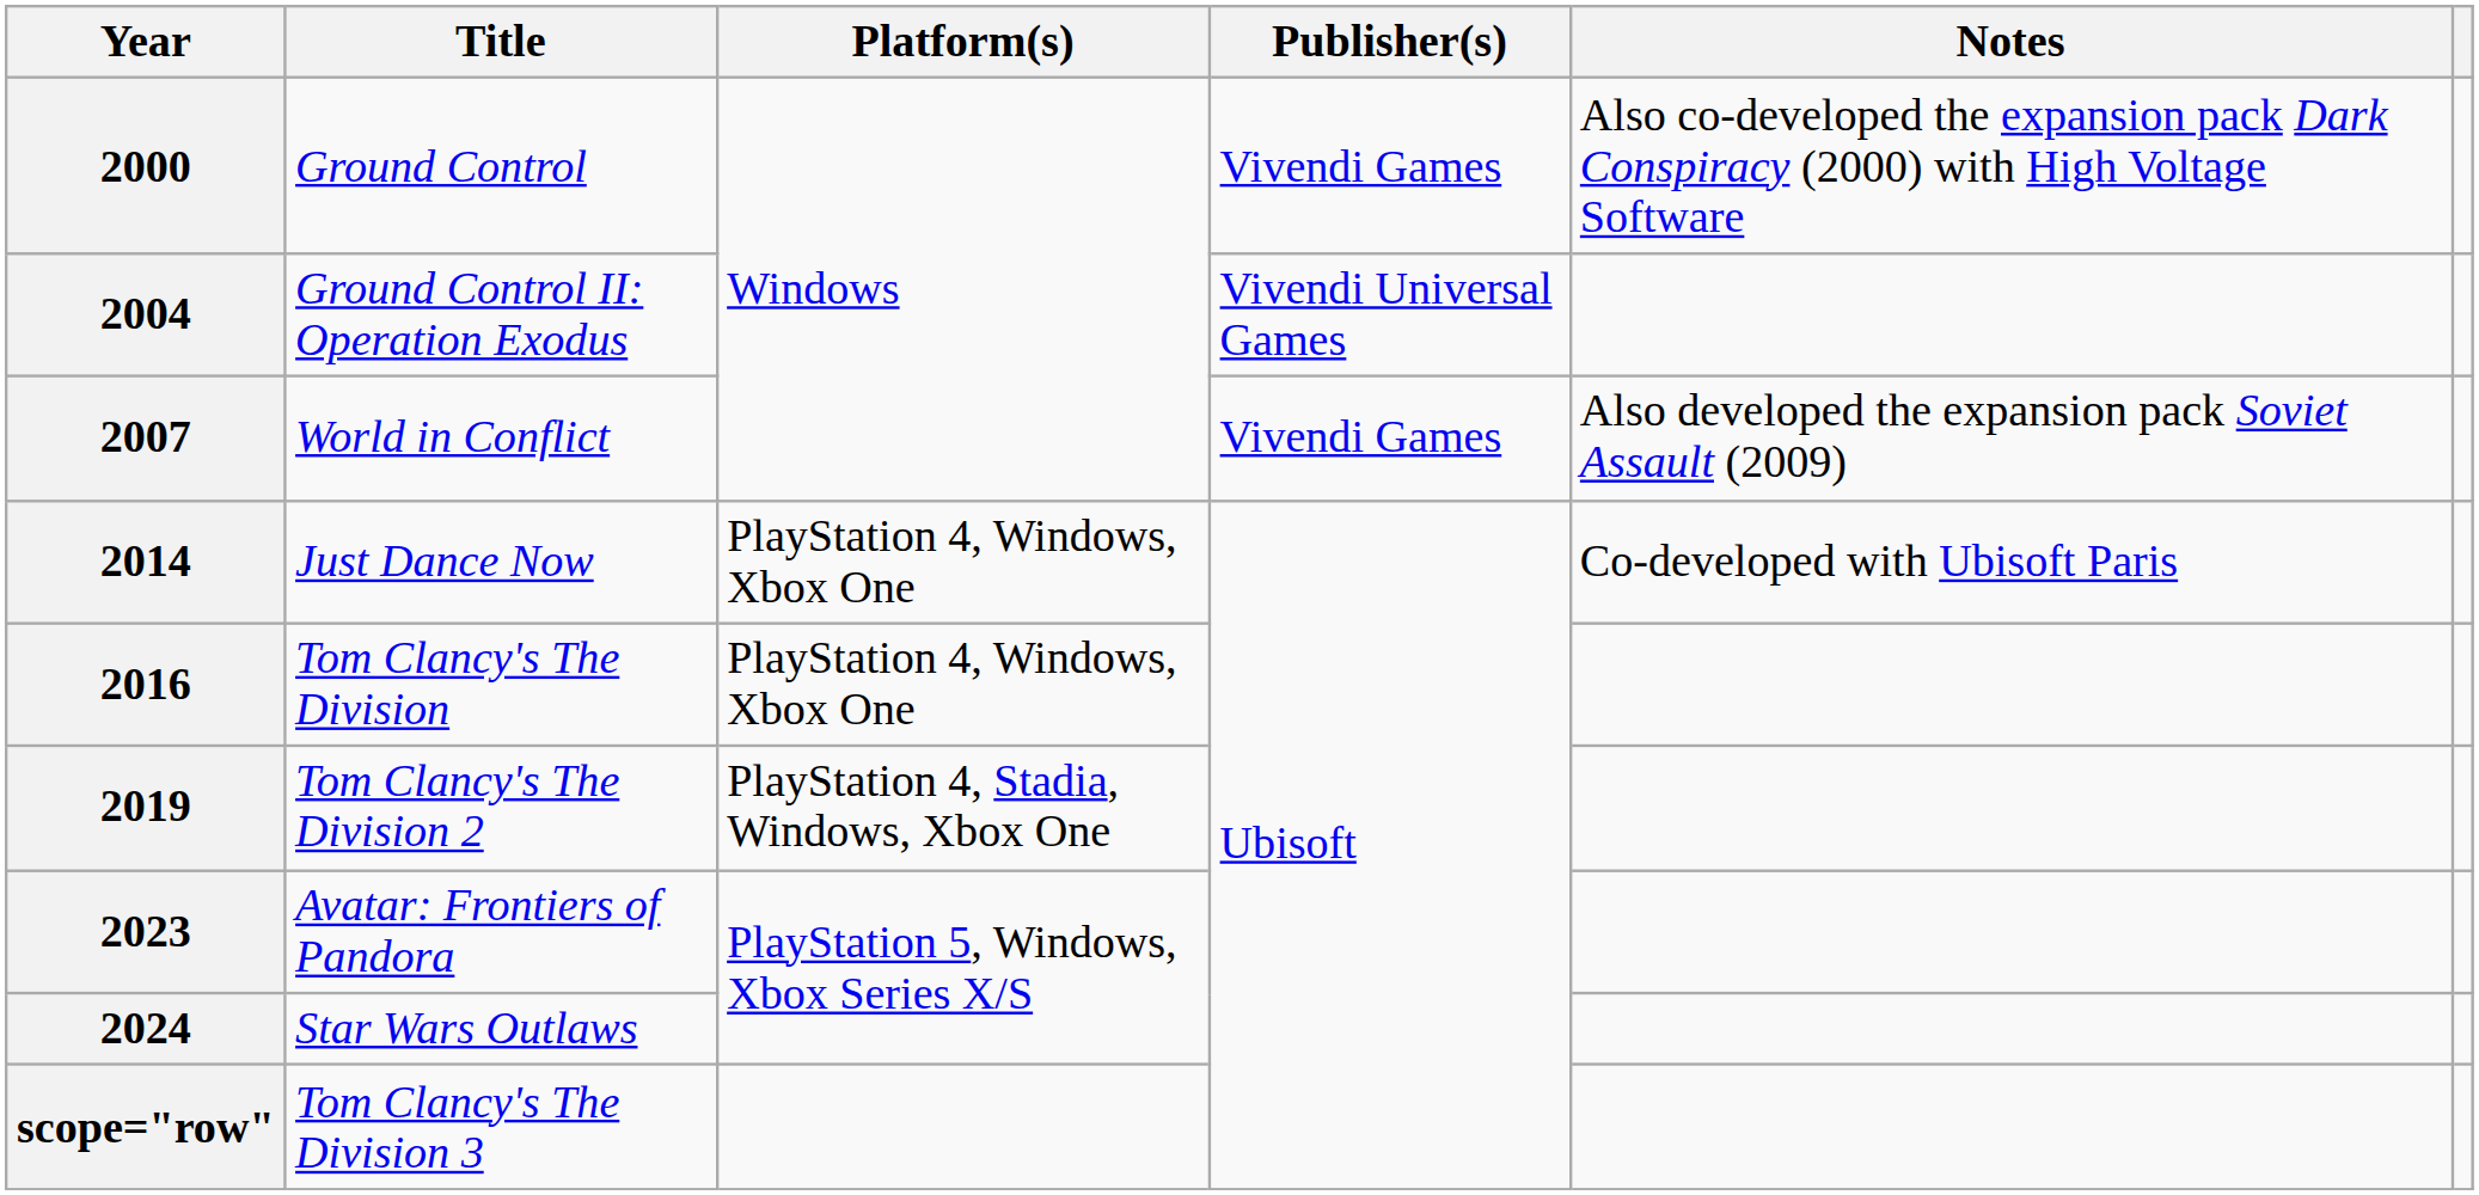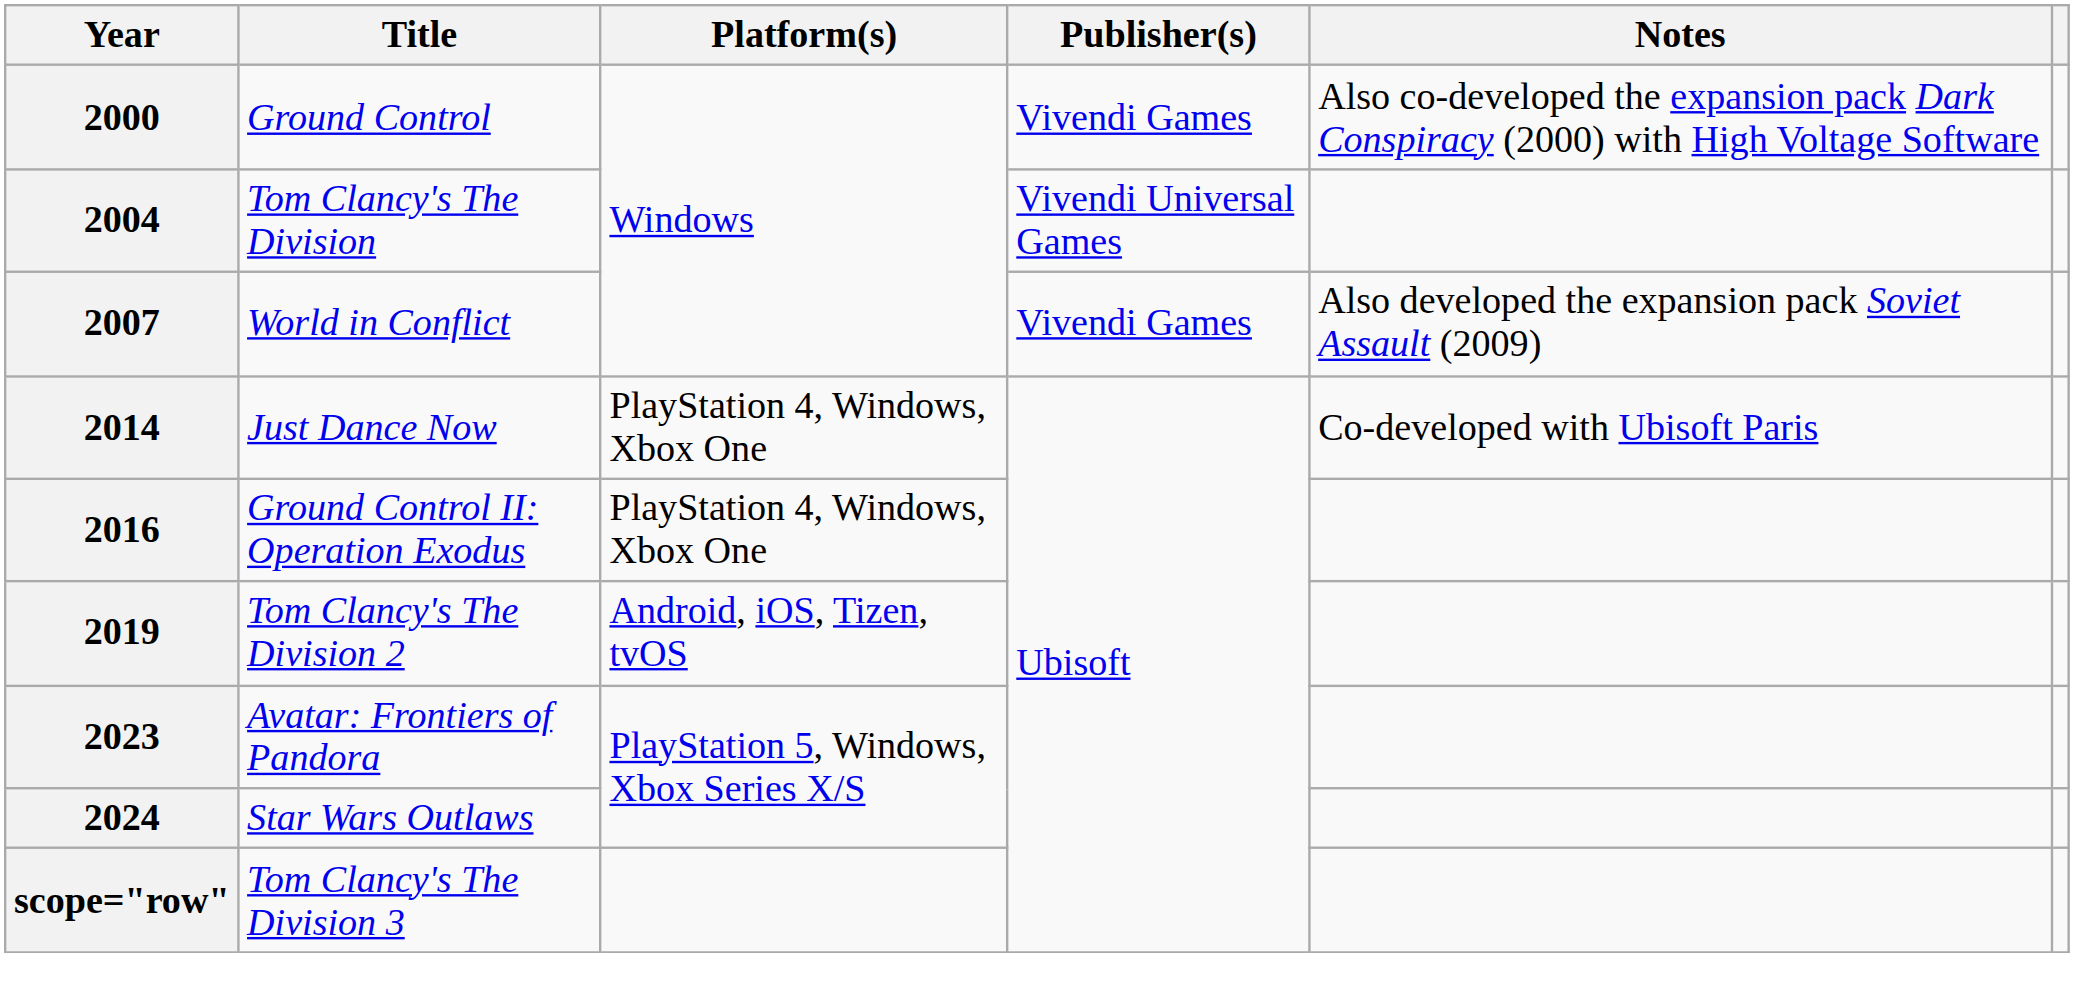 <table class="wikitable sortable plainrowheaders">
 <tr>
 <th scope="col">Year</th>
 <th scope="col">Title</th>
 <th scope="col">Platform(s)</th>
 <th scope="col">Publisher(s)</th>
 <th scope="col" class="unsortable">Notes</th>
 <th scope="col" class="unsortable"></th>
 </tr>
 <tr>
 <th scope="row">2000</th>
 <td><em><a href='#'>Ground Control</a></em></td>
 <td rowspan="3"><a href='#'>Windows</a></td>
 <td><a href='#'>Vivendi Games</a></td>
 <td>Also co-developed the <a href='#'>expansion pack</a> <em><a href='#'>Dark Conspiracy</a></em> (2000) with <a href='#'>High Voltage Software</a></td>
 <td align="center"></td>
 </tr>
 <tr>
 <th scope="row">2004</th>
-<td><em><a href='#'>Ground Control II: Operation Exodus</a></em></td>
+<td><em><a href='#'>Tom Clancy's The Division</a></em></td>
 <td><a href='#'>Vivendi Universal Games</a></td>
 <td></td>
 <td align="center"></td>
 </tr>
 <tr>
 <th scope="row">2007</th>
 <td><em><a href='#'>World in Conflict</a></em></td>
 <td><a href='#'>Vivendi Games</a></td>
 <td>Also developed the expansion pack <em><a href='#'>Soviet Assault</a></em> (2009)</td>
 <td align="center"></td>
 </tr>
 <tr>
 <th scope="row">2014</th>
 <td><em><a href='#'>Just Dance Now</a></em></td>
 <td>PlayStation 4, Windows, Xbox One</td>
 <td rowspan="6"><a href='#'>Ubisoft</a></td>
 <td>Co-developed with <a href='#'>Ubisoft Paris</a></td>
 <td align="center"></td>
 </tr>
 <tr>
 <th scope="row">2016</th>
-<td><em><a href='#'>Tom Clancy's The Division</a></em></td>
+<td><em><a href='#'>Ground Control II: Operation Exodus</a></em></td>
 <td>PlayStation 4, Windows, Xbox One</td>
 <td></td>
 <td align="center"></td>
 </tr>
 <tr>
 <th scope="row">2019</th>
 <td><em><a href='#'>Tom Clancy's The Division 2</a></em></td>
-<td>PlayStation 4, <a href='#'>Stadia</a>, Windows, Xbox One</td>
+<td><a href='#'>Android</a>, <a href='#'>iOS</a>, <a href='#'>Tizen</a>, <a href='#'>tvOS</a></td>
 <td></td>
 <td align="center"></td>
 </tr>
 <tr>
 <th scope="row">2023</th>
 <td><em><a href='#'>Avatar: Frontiers of Pandora</a></em></td>
 <td rowspan="2"><a href='#'>PlayStation 5</a>, Windows, <a href='#'>Xbox Series X/S</a></td>
 <td></td>
 <td align="center"></td>
 </tr>
 <tr>
 <th scope="row">2024</th>
 <td><em><a href='#'>Star Wars Outlaws</a></em></td>
 <td></td>
 <td align="center"></td>
 </tr>
 <tr>
 <th>scope="row" </th>
 <td><em><a href='#'>Tom Clancy's The Division 3</a></em></td>
 <td></td>
 <td></td>
 <td align="center"></td>
 </tr>
 </table>
